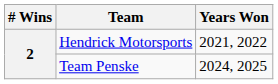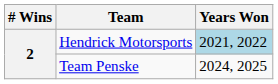 <table class="wikitable" style="font-size: 95%;">
 <tr>
 <th># Wins</th>
 <th>Team</th>
 <th>Years Won</th>
 </tr>
 <tr>
 <th rowspan="2">2</th>
 <td><a href='#'>Hendrick Motorsports</a></td>
-<td>2021, 2022</td>
+<td style="background: lightblue;">2021, 2022</td>
 </tr>
 <tr>
 <td><a href='#'>Team Penske</a></td>
 <td>2024, 2025</td>
 </tr>
 </table>
